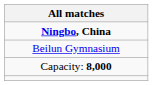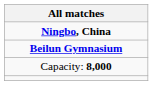 <table class="wikitable" style="text-align:center; width:33%">
 <tr>
 <th>All matches</th>
 </tr>
 <tr>
 <td><strong><a href='#'>Ningbo</a>, China</strong></td>
 </tr>
 <tr>
-<td><a href='#'>Beilun Gymnasium</a></td>
+<td><strong><a href='#'>Beilun Gymnasium</a></strong></td>
 </tr>
 <tr>
 <td>Capacity: <strong>8,000</strong></td>
 </tr>
 <tr>
 <td></td>
 </tr>
 </table>
